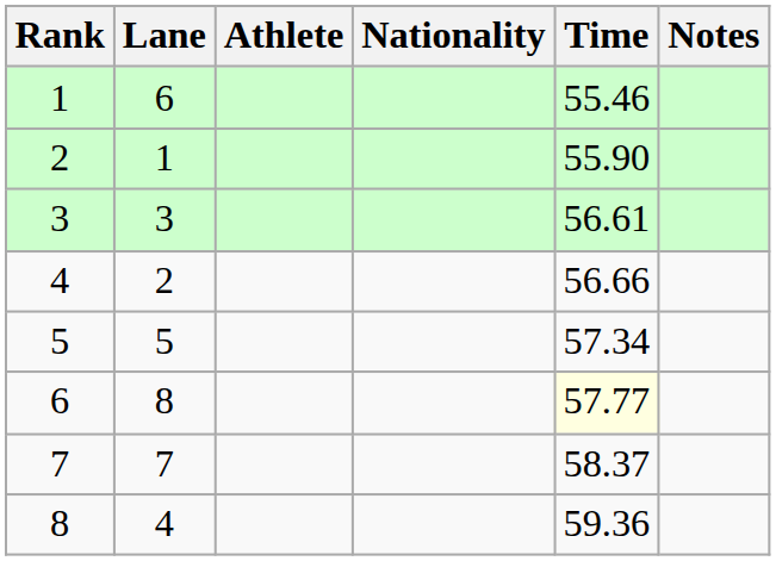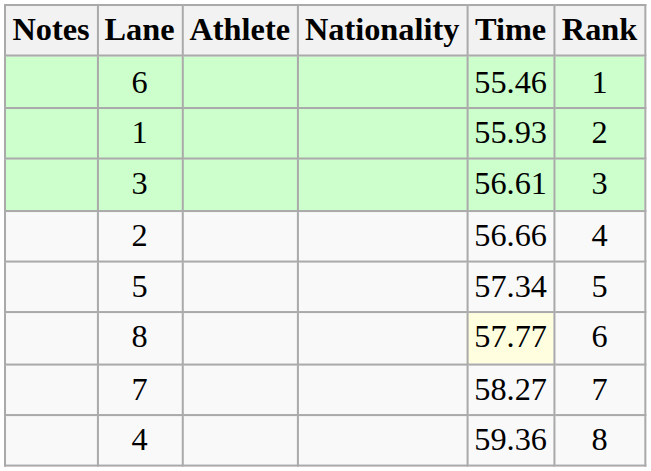 <table class="wikitable sortable" style="text-align:center">
 <tr>
-<th>Rank</th>
+<th class=unsortable>Notes</th>
 <th>Lane</th>
 <th>Athlete</th>
 <th>Nationality</th>
 <th>Time</th>
-<th class=unsortable>Notes</th>
+<th>Rank</th>
 </tr>
 <tr bgcolor=ccffcc>
-<td>1</td>
+<td></td>
 <td>6</td>
 <td align=left></td>
 <td align=left></td>
 <td>55.46</td>
-<td></td>
+<td>1</td>
 </tr>
 <tr bgcolor=ccffcc>
-<td>2</td>
+<td></td>
 <td>1</td>
 <td align=left></td>
 <td align=left></td>
-<td>55.90</td>
-<td></td>
+<td>55.93</td>
+<td>2</td>
 </tr>
 <tr bgcolor=ccffcc>
-<td>3</td>
+<td></td>
 <td>3</td>
 <td align=left></td>
 <td align=left></td>
 <td>56.61</td>
-<td></td>
+<td>3</td>
 </tr>
 <tr>
-<td>4</td>
+<td></td>
 <td>2</td>
 <td align=left></td>
 <td align=left></td>
 <td>56.66</td>
-<td></td>
+<td>4</td>
 </tr>
 <tr>
-<td>5</td>
+<td></td>
 <td>5</td>
 <td align=left></td>
 <td align=left></td>
 <td>57.34</td>
-<td></td>
+<td>5</td>
 </tr>
 <tr>
-<td>6</td>
+<td></td>
 <td>8</td>
 <td align=left></td>
 <td align=left></td>
 <td style="background: lightyellow;">57.77</td>
-<td></td>
+<td>6</td>
 </tr>
 <tr>
-<td>7</td>
+<td></td>
 <td>7</td>
 <td align=left></td>
 <td align=left></td>
-<td>58.37</td>
-<td></td>
+<td>58.27</td>
+<td>7</td>
 </tr>
 <tr>
-<td>8</td>
+<td></td>
 <td>4</td>
 <td align=left></td>
 <td align=left></td>
 <td>59.36</td>
-<td></td>
+<td>8</td>
 </tr>
 </table>
